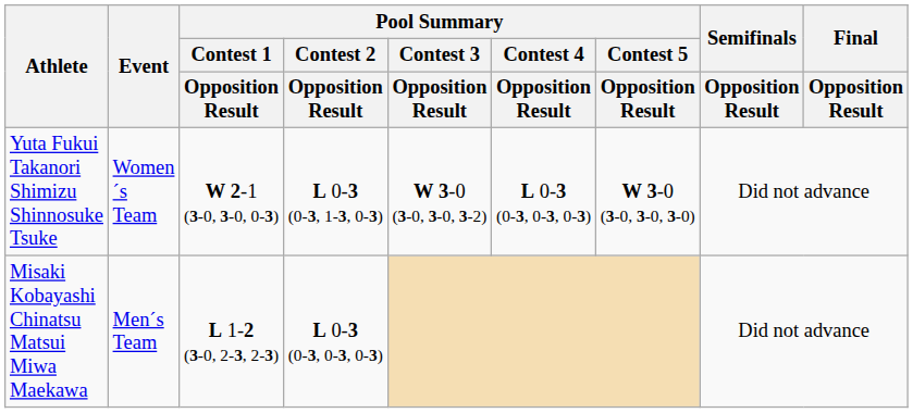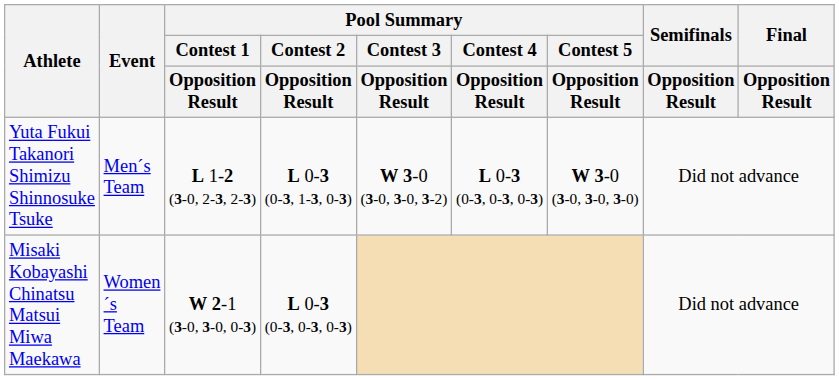 <table class="wikitable" border="1" style="font-size:90%">
 <tr>
 <th rowspan=3>Athlete</th>
 <th rowspan=3>Event</th>
 <th colspan=5>Pool Summary</th>
 <th rowspan=2>Semifinals</th>
 <th rowspan=2>Final</th>
 </tr>
 <tr>
 <th>Contest 1</th>
 <th>Contest 2</th>
 <th>Contest 3</th>
 <th>Contest 4</th>
 <th>Contest 5</th>
 </tr>
 <tr>
 <th>Opposition<br>Result</th>
 <th>Opposition<br>Result</th>
 <th>Opposition<br>Result</th>
 <th>Opposition<br>Result</th>
 <th>Opposition<br>Result</th>
 <th>Opposition<br>Result</th>
 <th>Opposition<br>Result</th>
 </tr>
 <tr>
 <td><a href='#'>Yuta Fukui</a><br><a href='#'>Takanori Shimizu</a><br><a href='#'>Shinnosuke Tsuke</a></td>
-<td><a href='#'>Women´s Team</a></td>
-<td align=center><br><strong>W</strong> <strong>2</strong>-1<br><small>(<strong>3</strong>-0, <strong>3</strong>-0, 0-<strong>3</strong>)</small></td>
+<td><a href='#'>Men´s Team</a></td>
+<td align=center><br><strong>L</strong> 1-<strong>2</strong><br><small>(<strong>3</strong>-0, 2-<strong>3</strong>, 2-<strong>3</strong>)</small></td>
 <td align=center><br><strong>L</strong> 0-<strong>3</strong><br><small>(0-<strong>3</strong>, 1-<strong>3</strong>, 0-<strong>3</strong>)</small></td>
 <td align=center><br><strong>W</strong> <strong>3</strong>-0<br><small>(<strong>3</strong>-0, <strong>3</strong>-0, <strong>3</strong>-2)</small></td>
 <td align=center><br><strong>L</strong> 0-<strong>3</strong><br><small>(0-<strong>3</strong>, 0-<strong>3</strong>, 0-<strong>3</strong>)</small></td>
 <td align=center><br><strong>W</strong> <strong>3</strong>-0<br><small>(<strong>3</strong>-0, <strong>3</strong>-0, <strong>3</strong>-0)</small></td>
 <td align=center colspan="7">Did not advance</td>
 </tr>
 <tr>
 <td><a href='#'>Misaki Kobayashi</a><br><a href='#'>Chinatsu Matsui</a><br><a href='#'>Miwa Maekawa</a></td>
-<td><a href='#'>Men´s Team</a></td>
-<td align=center><br><strong>L</strong> 1-<strong>2</strong><br><small>(<strong>3</strong>-0, 2-<strong>3</strong>, 2-<strong>3</strong>)</small></td>
+<td><a href='#'>Women´s Team</a></td>
+<td align=center><br><strong>W</strong> <strong>2</strong>-1<br><small>(<strong>3</strong>-0, <strong>3</strong>-0, 0-<strong>3</strong>)</small></td>
 <td align=center><br><strong>L</strong> 0-<strong>3</strong><br><small>(0-<strong>3</strong>, 0-<strong>3</strong>, 0-<strong>3</strong>)</small></td>
 <td align=center bgcolor=wheat colspan=3></td>
 <td align=center colspan="7">Did not advance</td>
 </tr>
 </table>
